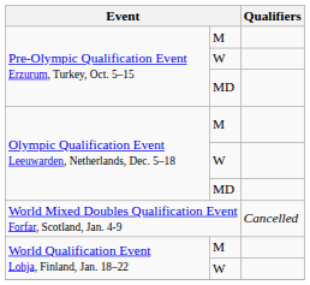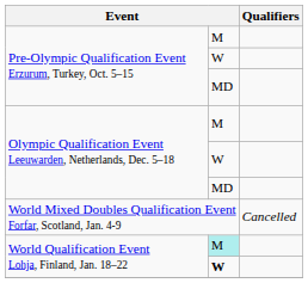 <table class="wikitable">
 <tr>
 <th colspan="2">Event</th>
 <th>Qualifiers</th>
 </tr>
 <tr>
 <td rowspan="3"><a href='#'>Pre-Olympic Qualification Event</a> <br> <small><a href='#'>Erzurum</a>, Turkey, Oct. 5–15</small></td>
 <td>M</td>
 <td><br></td>
 </tr>
 <tr>
 <td>W</td>
 <td><br></td>
 </tr>
 <tr>
 <td>MD</td>
 <td><br><br></td>
 </tr>
 <tr>
 <td rowspan="3"><a href='#'>Olympic Qualification Event</a> <br> <small><a href='#'>Leeuwarden</a>, Netherlands, Dec. 5–18</small></td>
 <td>M</td>
 <td><br> <br> </td>
 </tr>
 <tr>
 <td>W</td>
 <td><br><br></td>
 </tr>
 <tr>
 <td>MD</td>
 <td><br></td>
 </tr>
 <tr>
 <td colspan="2"><a href='#'>World Mixed Doubles Qualification Event</a> <br> <small><a href='#'>Forfar</a>, Scotland, Jan. 4-9</small></td>
 <td colspan="2"><em>Cancelled</em></td>
 </tr>
 <tr>
 <td rowspan="2"><a href='#'>World Qualification Event</a> <br> <small><a href='#'>Lohja</a>, Finland, Jan. 18–22</small></td>
-<td>M</td>
+<td style="background: paleturquoise;">M</td>
 <td> <br> </td>
 </tr>
 <tr>
-<td>W</td>
+<td><strong>W</strong></td>
 <td> <br> </td>
 </tr>
 <tr>
 </tr>
 </table>
